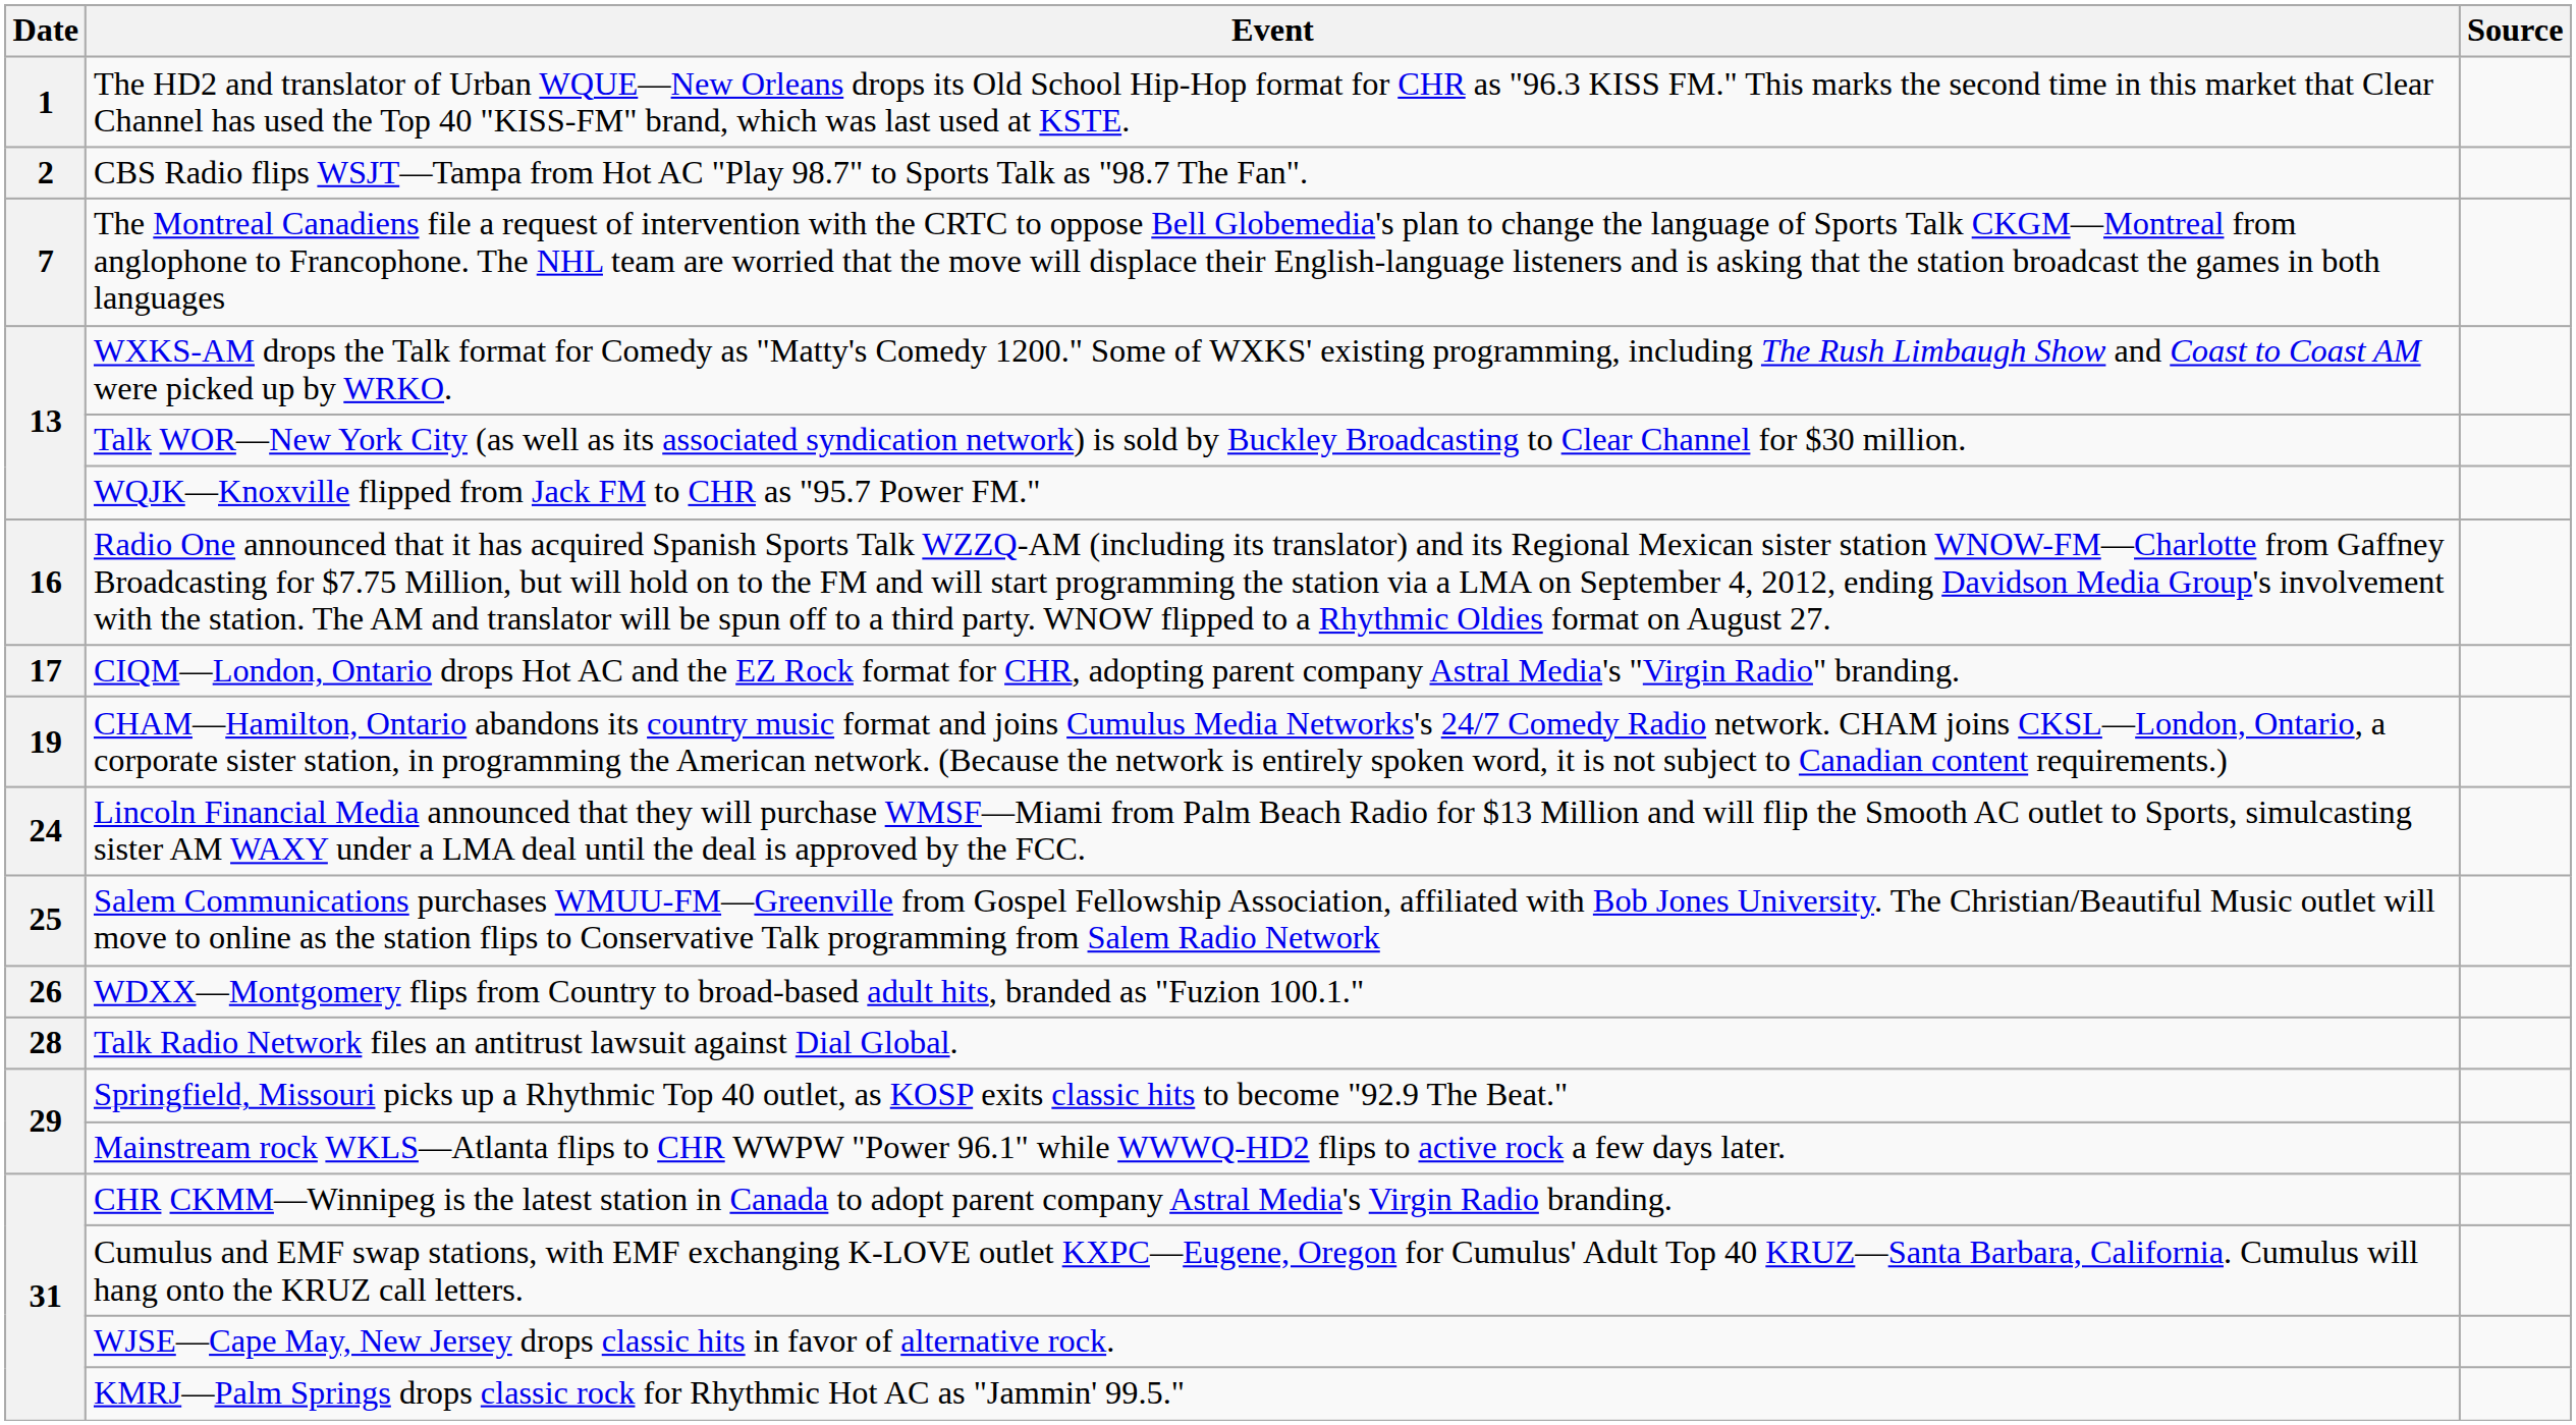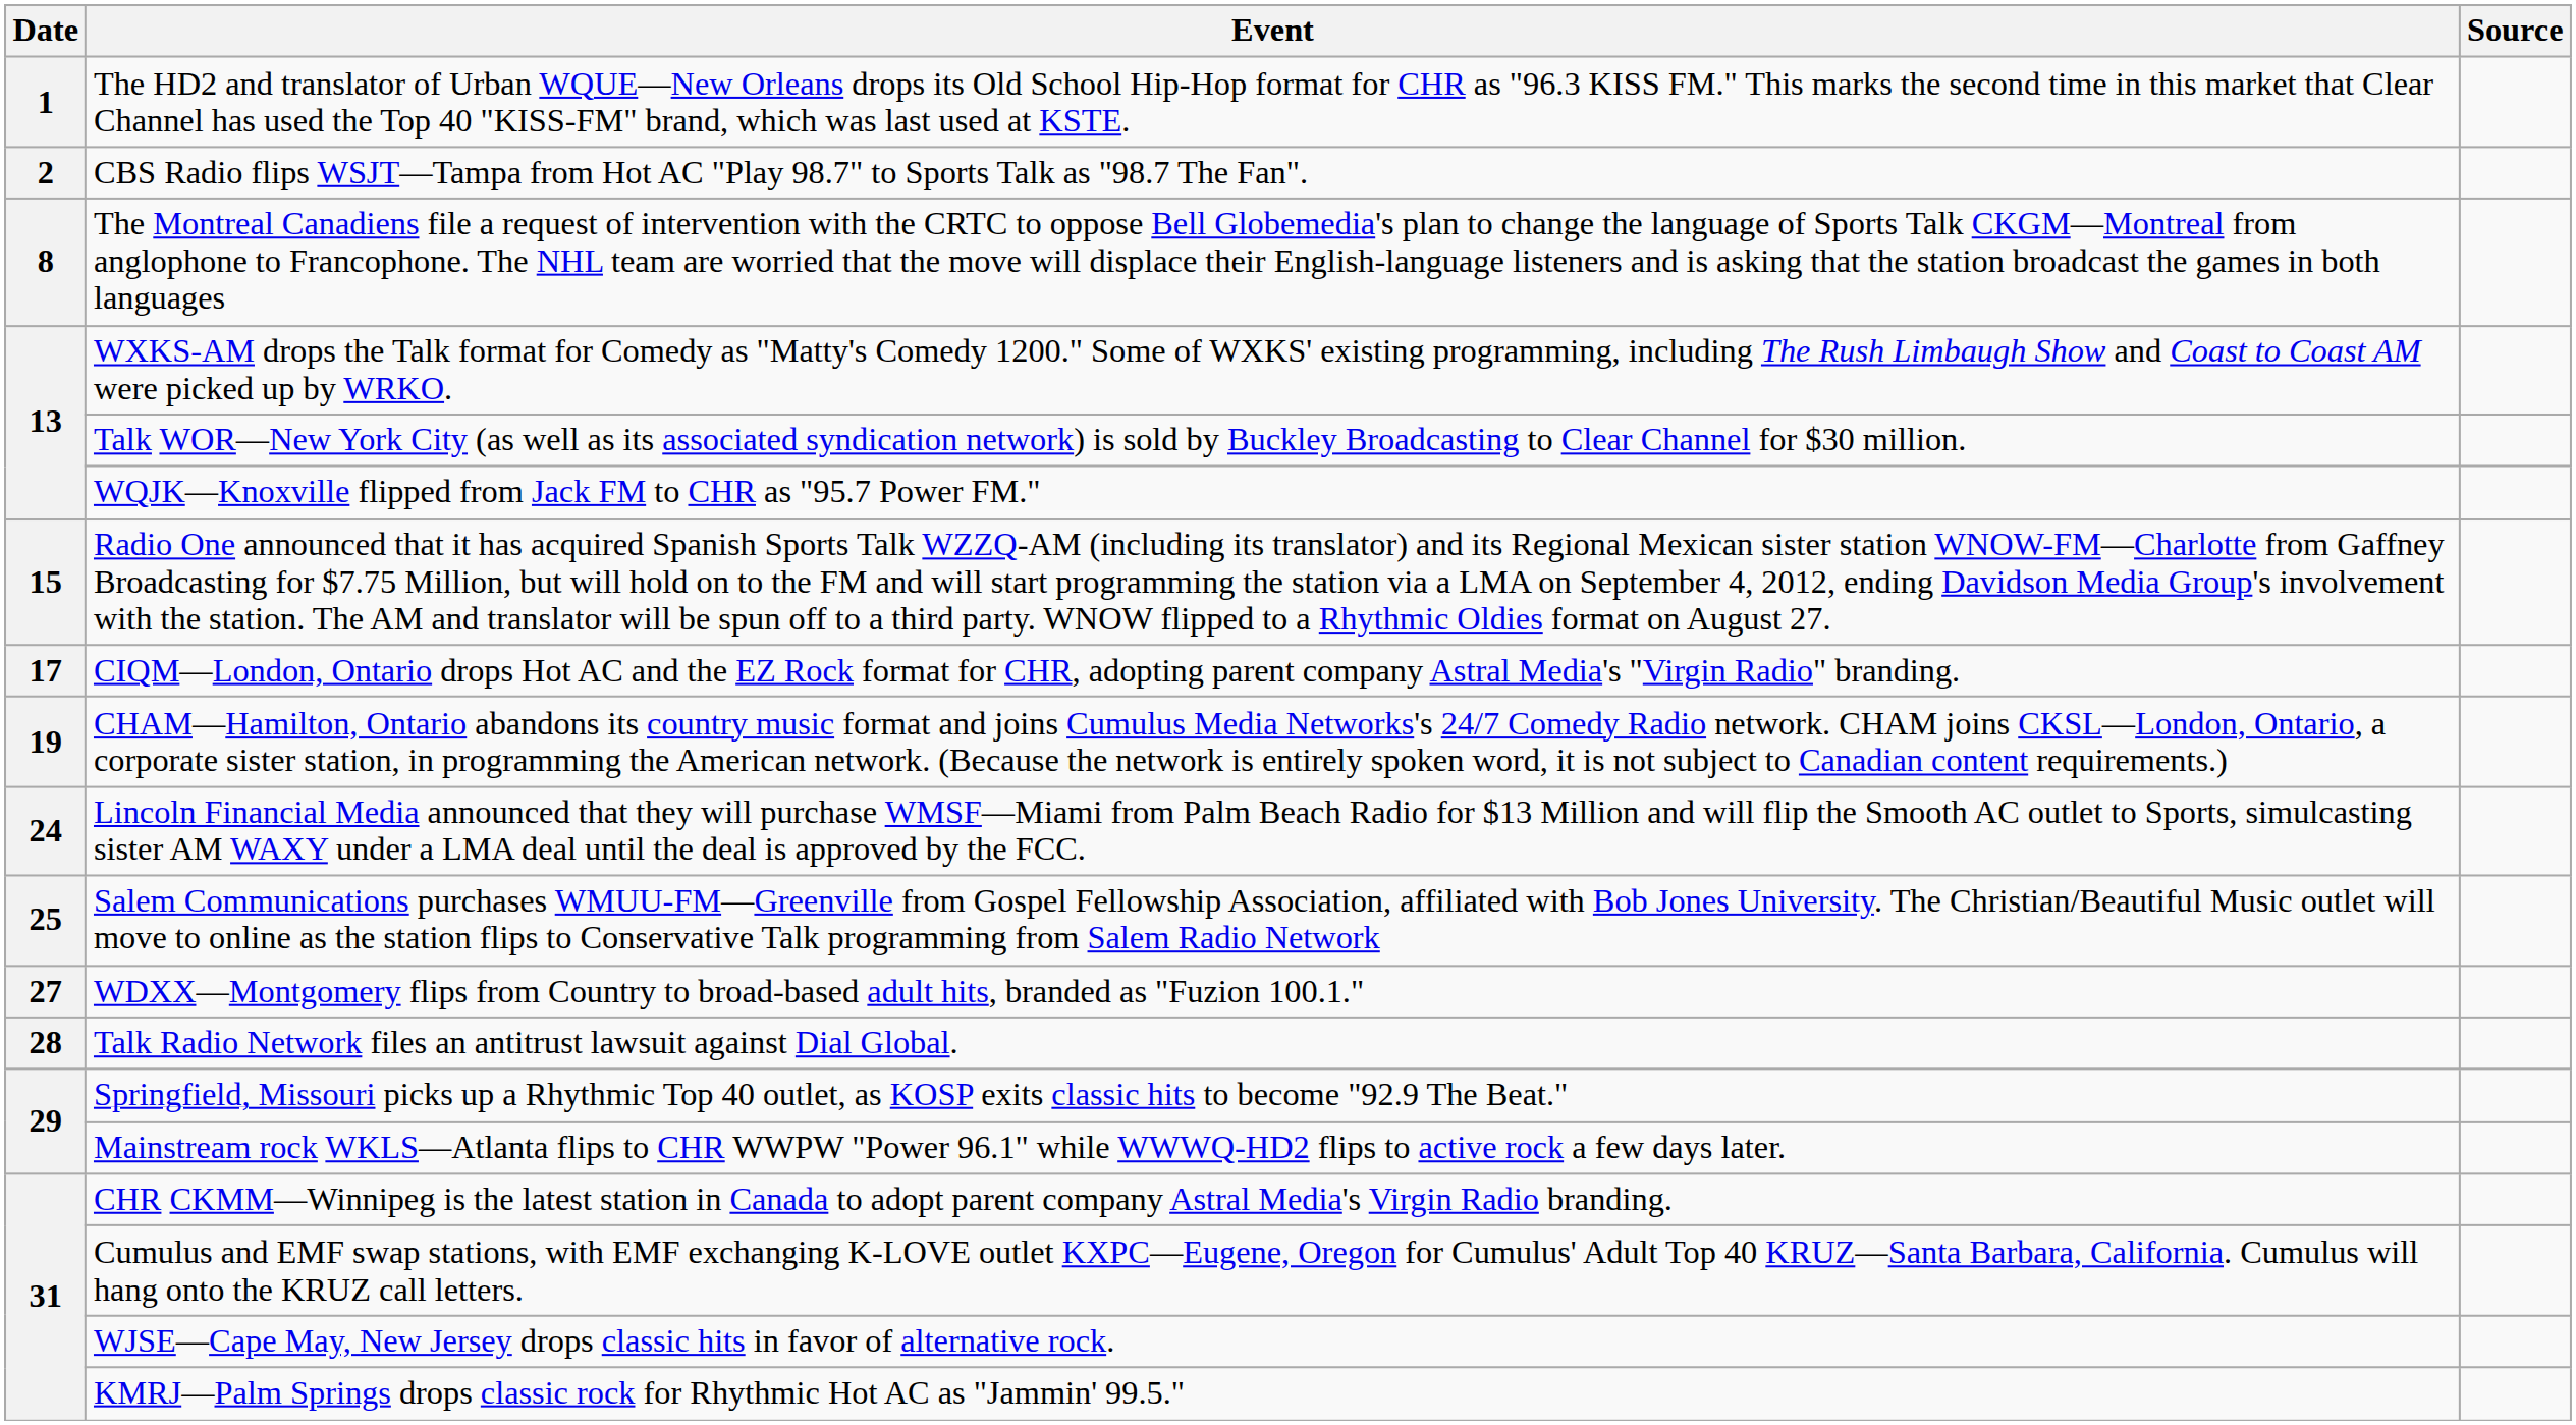 <table class=wikitable>
 <tr>
 <th>Date</th>
 <th>Event</th>
 <th>Source</th>
 </tr>
 <tr>
 <th>1</th>
 <td>The HD2 and translator of Urban <a href='#'>WQUE</a>—<a href='#'>New Orleans</a> drops its Old School Hip-Hop format for <a href='#'>CHR</a> as "96.3 KISS FM." This marks the second time in this market that Clear Channel has used the Top 40 "KISS-FM" brand, which was last used at <a href='#'>KSTE</a>.</td>
 <td></td>
 </tr>
 <tr>
 <th>2</th>
 <td>CBS Radio flips <a href='#'>WSJT</a>—Tampa from Hot AC "Play 98.7" to Sports Talk as "98.7 The Fan".</td>
 <td></td>
 </tr>
 <tr>
-<th>7</th>
+<th>8</th>
 <td>The <a href='#'>Montreal Canadiens</a> file a request of intervention with the CRTC to oppose <a href='#'>Bell Globemedia</a>'s plan to change the language of Sports Talk <a href='#'>CKGM</a>—<a href='#'>Montreal</a> from anglophone to Francophone. The <a href='#'>NHL</a> team are worried that the move will displace their English-language listeners and is asking that the station broadcast the games in both languages</td>
 <td></td>
 </tr>
 <tr>
 <th rowspan="3">13</th>
 <td><a href='#'>WXKS-AM</a> drops the Talk format for Comedy as "Matty's Comedy 1200." Some of WXKS' existing programming, including <em><a href='#'>The Rush Limbaugh Show</a></em> and <em><a href='#'>Coast to Coast AM</a></em> were picked up by <a href='#'>WRKO</a>.</td>
 <td></td>
 </tr>
 <tr>
 <td><a href='#'>Talk</a> <a href='#'>WOR</a>—<a href='#'>New York City</a> (as well as its <a href='#'>associated syndication network</a>) is sold by <a href='#'>Buckley Broadcasting</a> to <a href='#'>Clear Channel</a> for $30 million.</td>
 <td></td>
 </tr>
 <tr>
 <td><a href='#'>WQJK</a>—<a href='#'>Knoxville</a> flipped from <a href='#'>Jack FM</a> to <a href='#'>CHR</a> as "95.7 Power FM."</td>
 <td></td>
 </tr>
 <tr>
-<th>16</th>
+<th>15</th>
 <td><a href='#'>Radio One</a> announced that it has acquired Spanish Sports Talk <a href='#'>WZZQ</a>-AM (including its translator) and its Regional Mexican sister station <a href='#'>WNOW-FM</a>—<a href='#'>Charlotte</a> from Gaffney Broadcasting for $7.75 Million, but will hold on to the FM and will start programming the station via a LMA on September 4, 2012, ending <a href='#'>Davidson Media Group</a>'s involvement with the station. The AM and translator will be spun off to a third party. WNOW flipped to a <a href='#'>Rhythmic Oldies</a> format on August 27.</td>
 <td></td>
 </tr>
 <tr>
 <th>17</th>
 <td><a href='#'>CIQM</a>—<a href='#'>London, Ontario</a> drops Hot AC and the <a href='#'>EZ Rock</a> format for <a href='#'>CHR</a>, adopting parent company <a href='#'>Astral Media</a>'s "<a href='#'>Virgin Radio</a>" branding.</td>
 <td></td>
 </tr>
 <tr>
 <th>19</th>
 <td><a href='#'>CHAM</a>—<a href='#'>Hamilton, Ontario</a> abandons its <a href='#'>country music</a> format and joins <a href='#'>Cumulus Media Networks</a>'s <a href='#'>24/7 Comedy Radio</a> network. CHAM joins <a href='#'>CKSL</a>—<a href='#'>London, Ontario</a>, a corporate sister station, in programming the American network. (Because the network is entirely spoken word, it is not subject to <a href='#'>Canadian content</a> requirements.)</td>
 <td></td>
 </tr>
 <tr>
 <th>24</th>
 <td><a href='#'>Lincoln Financial Media</a> announced that they will purchase <a href='#'>WMSF</a>—Miami from Palm Beach Radio for $13 Million and will flip the Smooth AC outlet to Sports, simulcasting sister AM <a href='#'>WAXY</a> under a LMA deal until the deal is approved by the FCC.</td>
 <td></td>
 </tr>
 <tr>
 <th>25</th>
 <td><a href='#'>Salem Communications</a> purchases <a href='#'>WMUU-FM</a>—<a href='#'>Greenville</a> from Gospel Fellowship Association, affiliated with <a href='#'>Bob Jones University</a>. The Christian/Beautiful Music outlet will move to online as the station flips to Conservative Talk programming from <a href='#'>Salem Radio Network</a></td>
 <td></td>
 </tr>
 <tr>
-<th>26</th>
+<th>27</th>
 <td><a href='#'>WDXX</a>—<a href='#'>Montgomery</a> flips from Country to broad-based <a href='#'>adult hits</a>, branded as "Fuzion 100.1."</td>
 <td></td>
 </tr>
 <tr>
 <th>28</th>
 <td><a href='#'>Talk Radio Network</a> files an antitrust lawsuit against <a href='#'>Dial Global</a>.</td>
 <td></td>
 </tr>
 <tr>
 <th rowspan="2">29</th>
 <td><a href='#'>Springfield, Missouri</a> picks up a Rhythmic Top 40 outlet, as <a href='#'>KOSP</a> exits <a href='#'>classic hits</a> to become "92.9 The Beat."</td>
 <td></td>
 </tr>
 <tr>
 <td><a href='#'>Mainstream rock</a> <a href='#'>WKLS</a>—Atlanta flips to <a href='#'>CHR</a> WWPW "Power 96.1" while <a href='#'>WWWQ-HD2</a> flips to <a href='#'>active rock</a> a few days later.</td>
 <td></td>
 </tr>
 <tr>
 <th rowspan="4">31</th>
 <td><a href='#'>CHR</a> <a href='#'>CKMM</a>—Winnipeg is the latest station in <a href='#'>Canada</a> to adopt parent company <a href='#'>Astral Media</a>'s <a href='#'>Virgin Radio</a> branding.</td>
 <td></td>
 </tr>
 <tr>
 <td>Cumulus and EMF swap stations, with EMF exchanging K-LOVE outlet <a href='#'>KXPC</a>—<a href='#'>Eugene, Oregon</a> for Cumulus' Adult Top 40 <a href='#'>KRUZ</a>—<a href='#'>Santa Barbara, California</a>. Cumulus will hang onto the KRUZ call letters.</td>
 <td></td>
 </tr>
 <tr>
 <td><a href='#'>WJSE</a>—<a href='#'>Cape May, New Jersey</a> drops <a href='#'>classic hits</a> in favor of <a href='#'>alternative rock</a>.</td>
 <td></td>
 </tr>
 <tr>
 <td><a href='#'>KMRJ</a>—<a href='#'>Palm Springs</a> drops <a href='#'>classic rock</a> for Rhythmic Hot AC as "Jammin' 99.5."</td>
 <td></td>
 </tr>
 </table>
